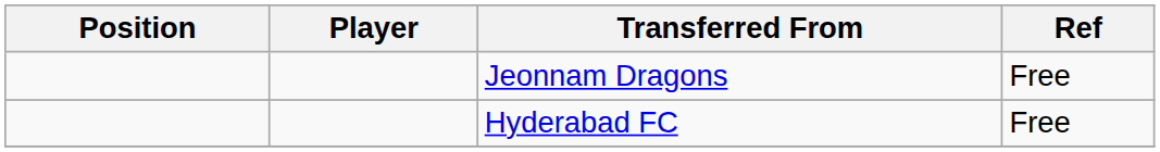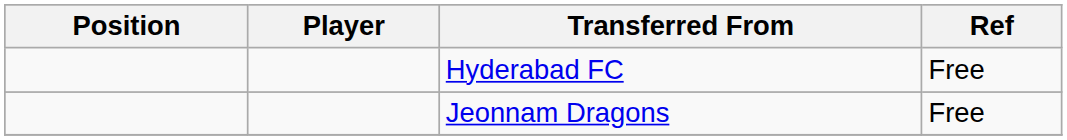 <table class="wikitable sortable" style="width:70%; text-align:center; font-size:100%; text-align:left;">
 <tr>
 <th><strong>Position</strong></th>
 <th><strong>Player</strong></th>
 <th><strong>Transferred From</strong></th>
 <th><strong>Ref</strong></th>
 </tr>
 <tr>
 <td></td>
 <td></td>
-<td> <a href='#'>Jeonnam Dragons</a></td>
+<td> <a href='#'>Hyderabad FC</a></td>
 <td>Free </td>
 </tr>
 <tr>
 <td></td>
 <td></td>
-<td> <a href='#'>Hyderabad FC</a></td>
+<td> <a href='#'>Jeonnam Dragons</a></td>
 <td>Free </td>
 </tr>
 <tr>
 </tr>
 </table>
